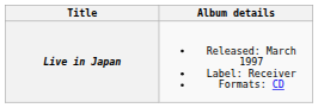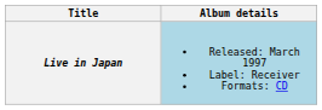 <table class="wikitable plainrowheaders" style="text-align:center;">
 <tr>
 <th scope="col" style="width:15em;">Title</th>
 <th scope="col" style="width:15em;">Album details</th>
 </tr>
 <tr>
 <th scope="row"><em>Live in Japan</em></th>
-<td><br><ul><li>Released: March 1997</li><li>Label: Receiver</li><li>Formats: <a href='#'>CD</a></li></ul></td>
+<td style="background: lightblue;"><br><ul><li>Released: March 1997</li><li>Label: Receiver</li><li>Formats: <a href='#'>CD</a></li></ul></td>
 </tr>
 </table>
